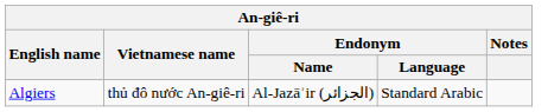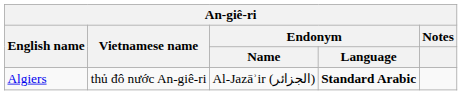 <table class="wikitable sortable">
 <tr>
 <th colspan="5"> An-giê-ri</th>
 </tr>
 <tr>
 <th rowspan="2">English name</th>
 <th rowspan="2">Vietnamese name</th>
 <th colspan="2">Endonym</th>
 <th>Notes</th>
 </tr>
 <tr>
 <th>Name</th>
 <th>Language</th>
 <th></th>
 </tr>
 <tr>
 <td><a href='#'>Algiers</a></td>
 <td>thủ đô nước An-giê-ri</td>
 <td>Al-Jazāʾir (الجزائر)</td>
-<td>Standard Arabic</td>
+<td><strong>Standard Arabic</strong></td>
 <td></td>
 </tr>
 </table>
